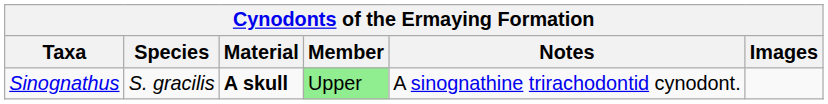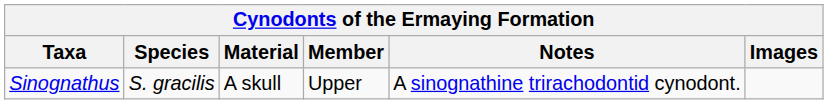 <table class="wikitable" align="center">
 <tr>
 <th colspan="6" align="center"><strong><a href='#'>Cynodonts</a> of the Ermaying Formation</strong></th>
 </tr>
 <tr>
 <th>Taxa</th>
 <th>Species</th>
 <th>Material</th>
 <th>Member</th>
 <th>Notes</th>
 <th>Images</th>
 </tr>
 <tr>
 <td><em><a href='#'>Sinognathus</a></em></td>
 <td><em>S. gracilis</em></td>
-<td><strong>A skull</strong></td>
-<td style="background: lightgreen;">Upper</td>
+<td>A skull</td>
+<td>Upper</td>
 <td>A <a href='#'>sinognathine</a> <a href='#'>trirachodontid</a> cynodont.</td>
 <td></td>
 </tr>
 </table>
